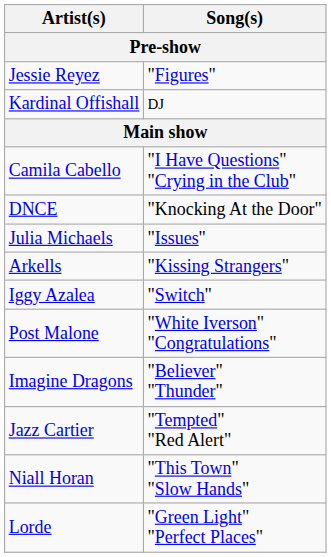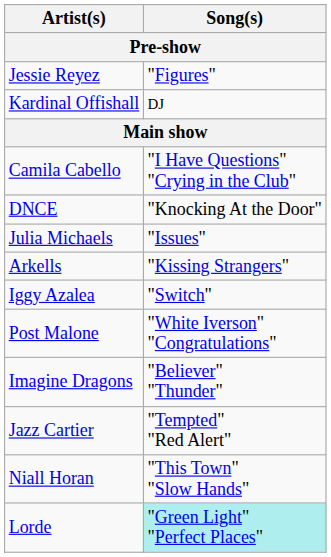 <table class="wikitable">
 <tr>
 <th>Artist(s)</th>
 <th>Song(s)</th>
 </tr>
 <tr>
 <th colspan=3>Pre-show</th>
 </tr>
 <tr>
 <td><a href='#'>Jessie Reyez</a></td>
 <td>"<a href='#'>Figures</a>"</td>
 </tr>
 <tr>
 <td><a href='#'>Kardinal Offishall</a></td>
 <td><small>DJ</small></td>
 </tr>
 <tr>
 <th colspan=2>Main show</th>
 </tr>
 <tr>
 <td><a href='#'>Camila Cabello</a></td>
 <td>"<a href='#'>I Have Questions</a>"<br>"<a href='#'>Crying in the Club</a>"</td>
 </tr>
 <tr>
 <td><a href='#'>DNCE</a></td>
 <td>"Knocking At the Door"</td>
 </tr>
 <tr>
 <td><a href='#'>Julia Michaels</a></td>
 <td>"<a href='#'>Issues</a>"</td>
 </tr>
 <tr>
 <td><a href='#'>Arkells</a></td>
 <td>"<a href='#'>Kissing Strangers</a>"</td>
 </tr>
 <tr>
 <td><a href='#'>Iggy Azalea</a></td>
 <td>"<a href='#'>Switch</a>"</td>
 </tr>
 <tr>
 <td><a href='#'>Post Malone</a></td>
 <td>"<a href='#'>White Iverson</a>"<br>"<a href='#'>Congratulations</a>"</td>
 </tr>
 <tr>
 <td><a href='#'>Imagine Dragons</a></td>
 <td>"<a href='#'>Believer</a>"<br>"<a href='#'>Thunder</a>"</td>
 </tr>
 <tr>
 <td><a href='#'>Jazz Cartier</a></td>
 <td>"<a href='#'>Tempted</a>"<br>"Red Alert"</td>
 </tr>
 <tr>
 <td><a href='#'>Niall Horan</a></td>
 <td>"<a href='#'>This Town</a>"<br>"<a href='#'>Slow Hands</a>"</td>
 </tr>
 <tr>
 <td><a href='#'>Lorde</a></td>
-<td>"<a href='#'>Green Light</a>"<br>"<a href='#'>Perfect Places</a>"</td>
+<td style="background: paleturquoise;">"<a href='#'>Green Light</a>"<br>"<a href='#'>Perfect Places</a>"</td>
 </tr>
 </table>
